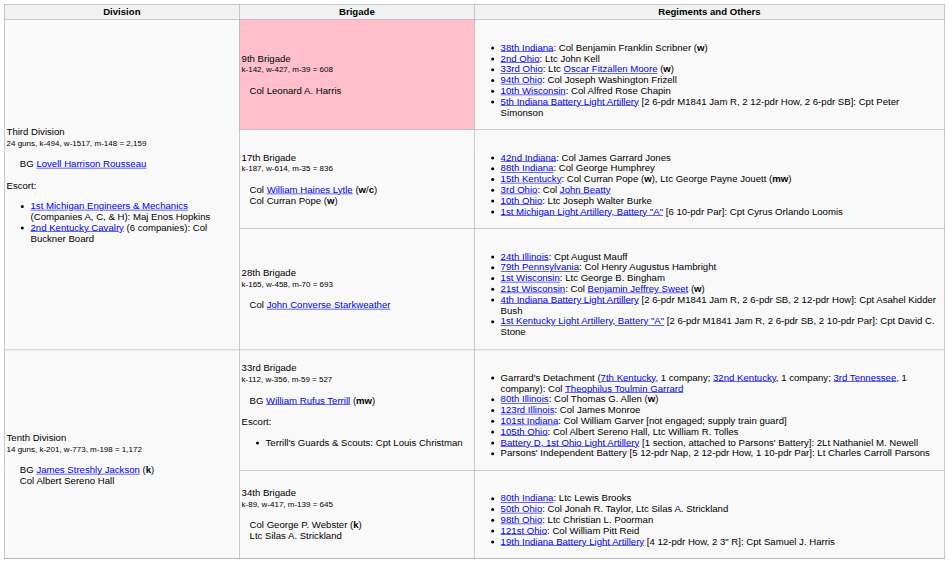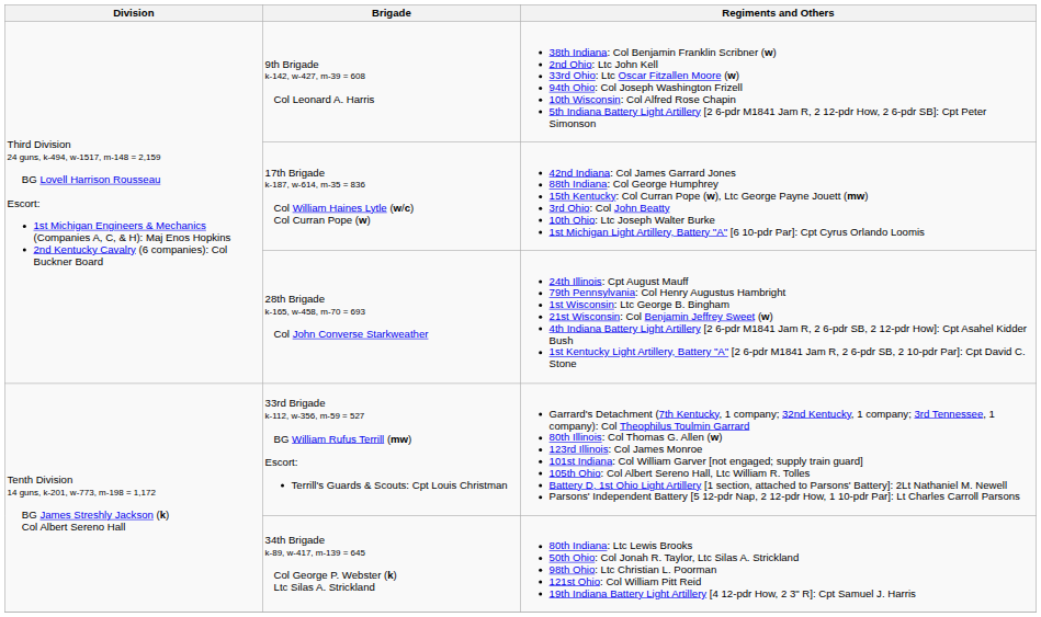 <table class="wikitable">
 <tr>
 <th width=25%>Division</th>
 <th width=25%>Brigade</th>
 <th>Regiments and Others</th>
 </tr>
 <tr>
 <td rowspan=3><br>Third Division<br><small>24 guns, k-494, w-1517, m-148 = 2,159</small><br><br>     BG <a href='#'>Lovell Harrison Rousseau</a><br><br> Escort:<ul><li><a href='#'>1st Michigan Engineers & Mechanics</a> (Companies A, C, & H): Maj Enos Hopkins</li><li><a href='#'>2nd Kentucky Cavalry</a> (6 companies): Col Buckner Board</li></ul></td>
-<td style="background: pink;">9th Brigade<br><small>k-142, w-427, m-39 = 608</small><br><br>   Col Leonard A. Harris</td>
+<td>9th Brigade<br><small>k-142, w-427, m-39 = 608</small><br><br>   Col Leonard A. Harris</td>
 <td><br><ul><li><a href='#'>38th Indiana</a>: Col Benjamin Franklin Scribner (<strong>w</strong>)</li><li><a href='#'>2nd Ohio</a>: Ltc John Kell</li><li><a href='#'>33rd Ohio</a>: Ltc <a href='#'>Oscar Fitzallen Moore</a> (<strong>w</strong>)</li><li><a href='#'>94th Ohio</a>: Col Joseph Washington Frizell</li><li><a href='#'>10th Wisconsin</a>: Col Alfred Rose Chapin</li><li><a href='#'>5th Indiana Battery Light Artillery</a> [2 6-pdr M1841 Jam R, 2 12-pdr How, 2 6-pdr SB]: Cpt Peter Simonson</li></ul></td>
 </tr>
 <tr>
 <td>17th Brigade<br><small>k-187, w-614, m-35 = 836</small><br><br>   Col <a href='#'>William Haines Lytle</a> (<strong>w</strong>/<strong>c</strong>)<br>   Col Curran Pope (<strong>w</strong>)</td>
 <td><br><ul><li><a href='#'>42nd Indiana</a>: Col James Garrard Jones</li><li><a href='#'>88th Indiana</a>: Col George Humphrey</li><li><a href='#'>15th Kentucky</a>: Col Curran Pope (<strong>w</strong>), Ltc George Payne Jouett (<strong>mw</strong>)</li><li><a href='#'>3rd Ohio</a>: Col <a href='#'>John Beatty</a></li><li><a href='#'>10th Ohio</a>: Ltc Joseph Walter Burke</li><li><a href='#'>1st Michigan Light Artillery, Battery "A"</a> [6 10-pdr Par]: Cpt Cyrus Orlando Loomis</li></ul></td>
 </tr>
 <tr>
 <td>28th Brigade<br><small>k-165, w-458, m-70 = 693</small><br><br>   Col <a href='#'>John Converse Starkweather</a></td>
 <td><br><ul><li><a href='#'>24th Illinois</a>: Cpt August Mauff</li><li><a href='#'>79th Pennsylvania</a>: Col Henry Augustus Hambright</li><li><a href='#'>1st Wisconsin</a>: Ltc George B. Bingham</li><li><a href='#'>21st Wisconsin</a>: Col <a href='#'>Benjamin Jeffrey Sweet</a> (<strong>w</strong>)</li><li><a href='#'>4th Indiana Battery Light Artillery</a> [2 6-pdr M1841 Jam R, 2 6-pdr SB, 2 12-pdr How]: Cpt Asahel Kidder Bush</li><li><a href='#'>1st Kentucky Light Artillery, Battery "A"</a> [2 6-pdr M1841 Jam R, 2 6-pdr SB, 2 10-pdr Par]: Cpt David C. Stone</li></ul></td>
 </tr>
 <tr>
 <td rowspan=2><br>Tenth Division<br><small>14 guns, k-201, w-773, m-198 = 1,172</small><br><br>     BG <a href='#'>James Streshly Jackson</a> (<strong>k</strong>)<br>     Col Albert Sereno Hall</td>
 <td>33rd Brigade<br><small>k-112, w-356, m-59 = 527</small><br><br>   BG <a href='#'>William Rufus Terrill</a> (<strong>mw</strong>)<br><br> Escort:<ul><li>Terrill's Guards & Scouts: Cpt Louis Christman</li></ul></td>
 <td><br><ul><li>Garrard's Detachment (<a href='#'>7th Kentucky</a>, 1 company; <a href='#'>32nd Kentucky</a>, 1 company; <a href='#'>3rd Tennessee</a>, 1 company): Col <a href='#'>Theophilus Toulmin Garrard</a></li><li><a href='#'>80th Illinois</a>: Col Thomas G. Allen (<strong>w</strong>)</li><li><a href='#'>123rd Illinois</a>: Col James Monroe</li><li><a href='#'>101st Indiana</a>: Col William Garver [not engaged; supply train guard]</li><li><a href='#'>105th Ohio</a>: Col Albert Sereno Hall, Ltc William R. Tolles</li><li><a href='#'>Battery D, 1st Ohio Light Artillery</a> [1 section, attached to Parsons' Battery]: 2Lt Nathaniel M. Newell</li><li>Parsons' Independent Battery [5 12-pdr Nap, 2 12-pdr How, 1 10-pdr Par]: Lt Charles Carroll Parsons</li></ul></td>
 </tr>
 <tr>
 <td>34th Brigade<br><small>k-89, w-417, m-139 = 645</small><br><br>   Col George P. Webster (<strong>k</strong>) <br>   Ltc Silas A. Strickland</td>
 <td><br><ul><li><a href='#'>80th Indiana</a>: Ltc Lewis Brooks</li><li><a href='#'>50th Ohio</a>: Col Jonah R. Taylor, Ltc Silas A. Strickland</li><li><a href='#'>98th Ohio</a>: Ltc Christian L. Poorman</li><li><a href='#'>121st Ohio</a>: Col William Pitt Reid</li><li><a href='#'>19th Indiana Battery Light Artillery</a> [4 12-pdr How, 2 3" R]: Cpt Samuel J. Harris</li></ul></td>
 </tr>
 <tr>
 </tr>
 </table>
